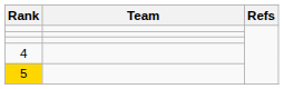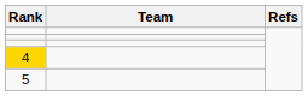 <table class="wikitable" style="text-align: center; font-size:90% ">
 <tr>
 <th width=35>Rank</th>
 <th width=220>Team</th>
 <th width=25>Refs</th>
 </tr>
 <tr>
 <td></td>
 <td align=left></td>
 <td rowspan=5></td>
 </tr>
 <tr>
 <td></td>
 <td align=left></td>
 </tr>
 <tr>
 <td></td>
 <td align=left></td>
 </tr>
 <tr>
-<td>4</td>
+<td style="background: gold;">4</td>
 <td align=left></td>
 </tr>
 <tr>
-<td style="background: gold;">5</td>
+<td>5</td>
 <td align=left></td>
 </tr>
 </table>
